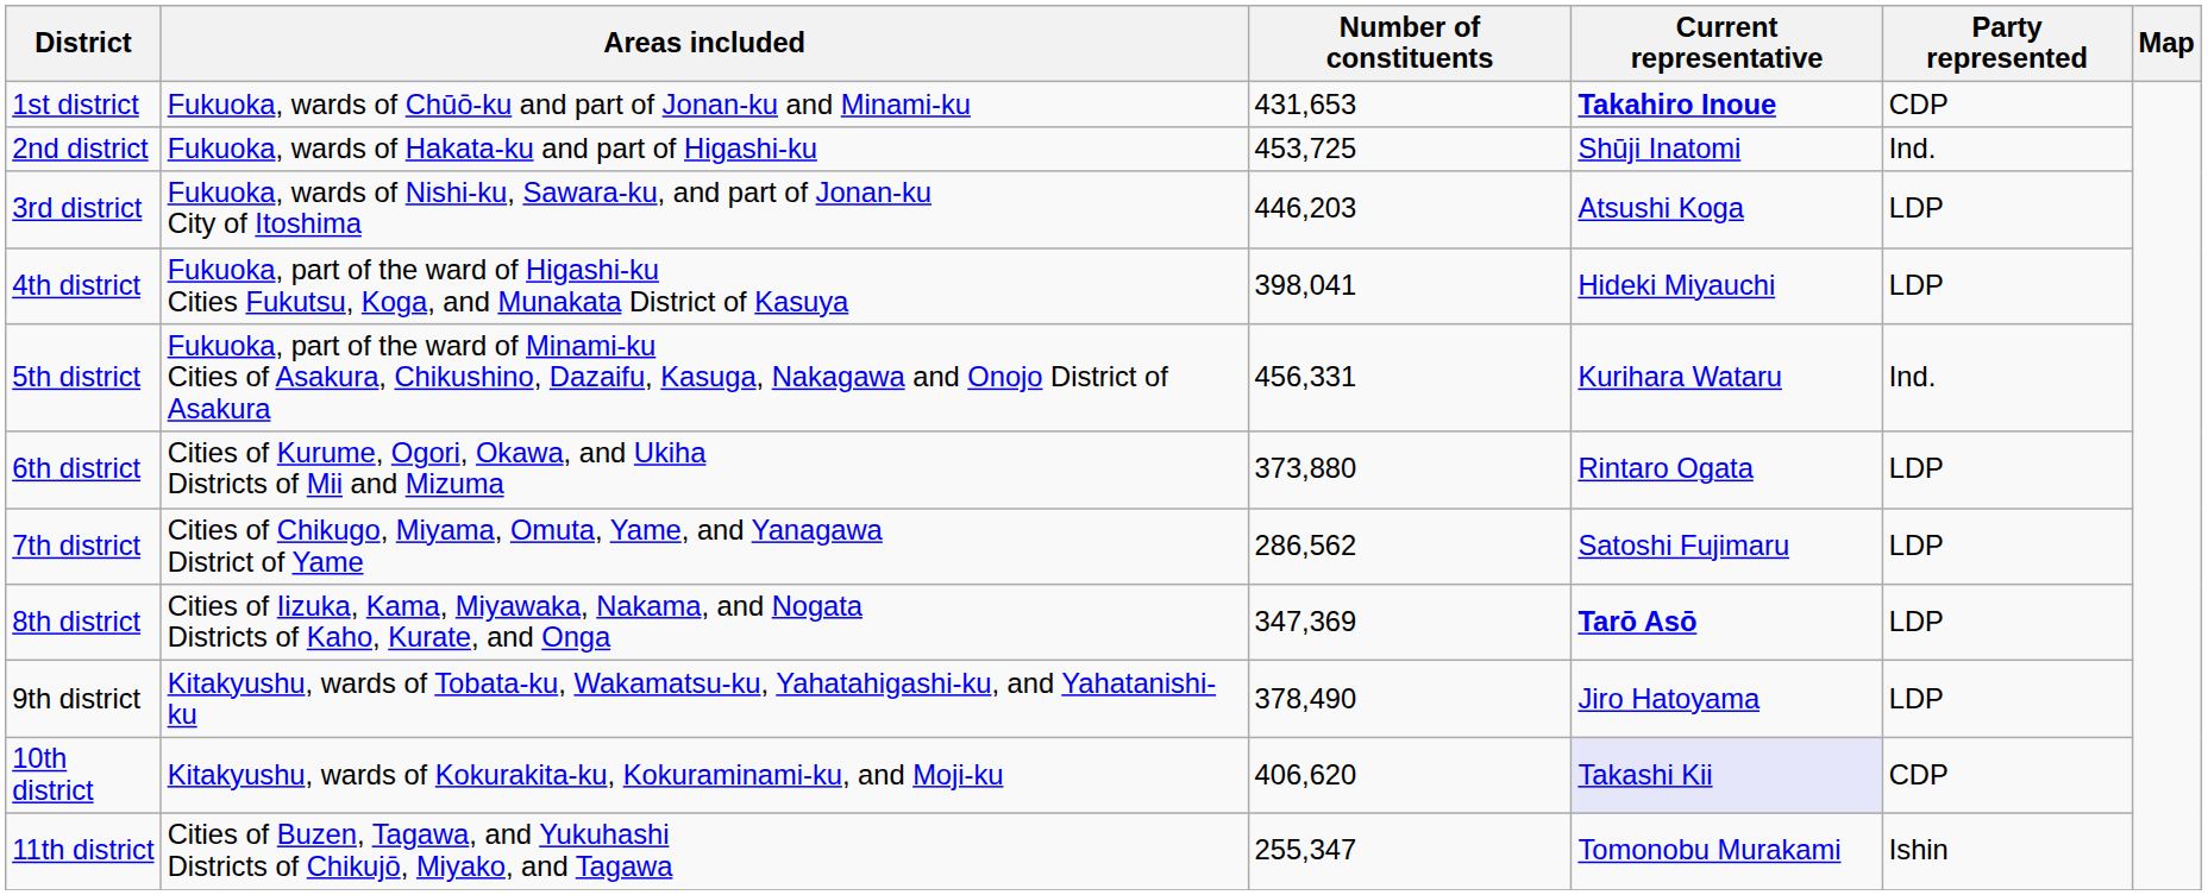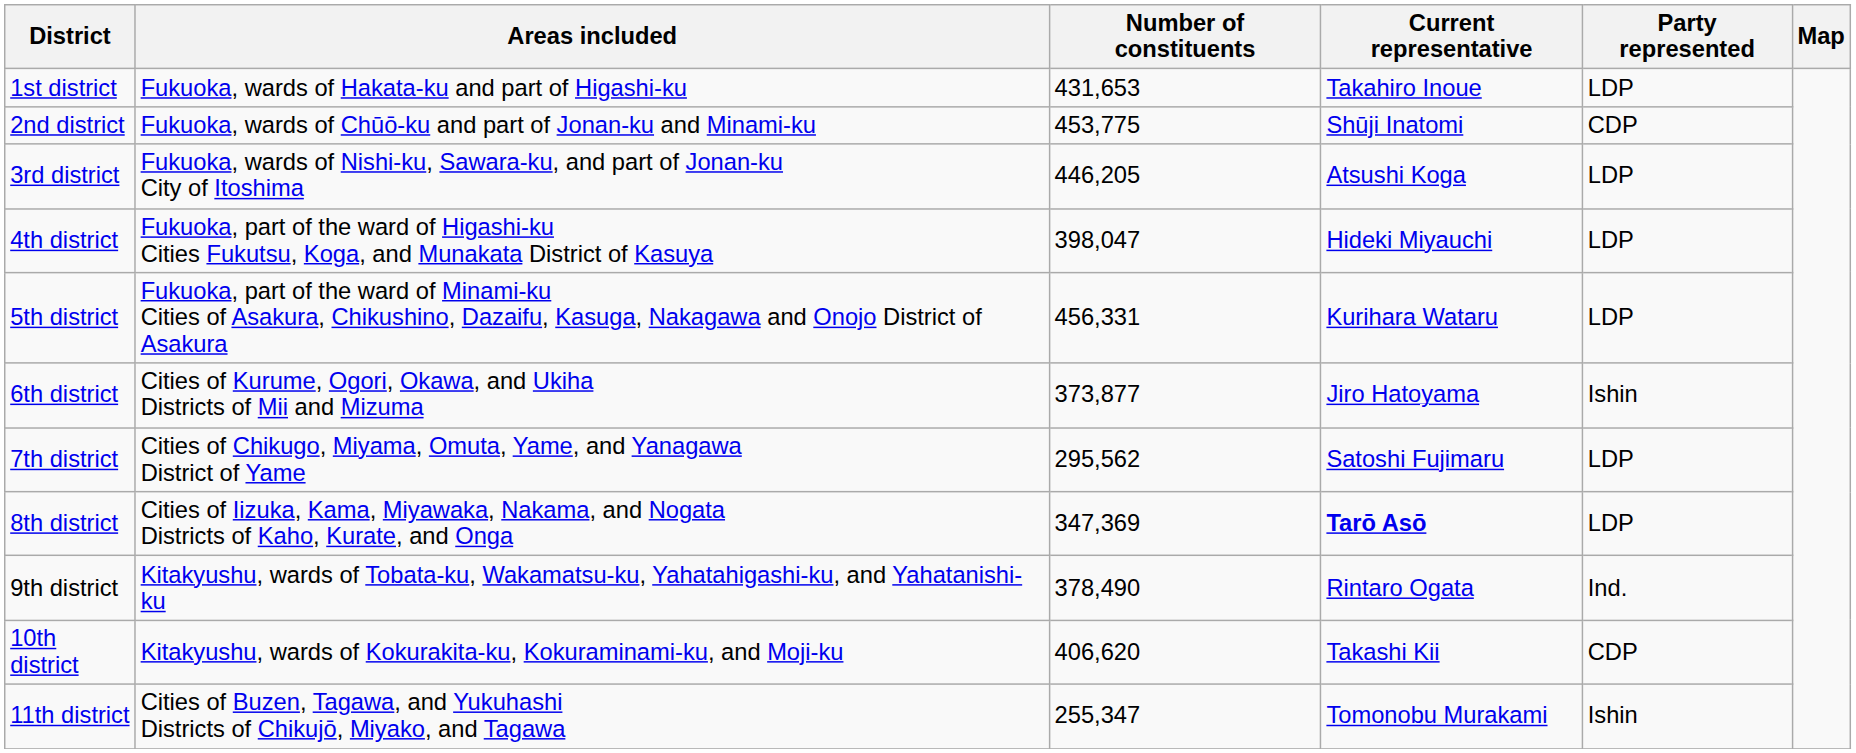 <table class="wikitable">
 <tr>
 <th>District</th>
 <th>Areas included</th>
 <th>Number of constituents</th>
 <th>Current representative</th>
 <th>Party represented</th>
 <th>Map</th>
 </tr>
 <tr>
 <td><a href='#'>1st district</a></td>
-<td><a href='#'>Fukuoka</a>, wards of <a href='#'>Chūō-ku</a> and part of <a href='#'>Jonan-ku</a> and <a href='#'>Minami-ku</a></td>
+<td><a href='#'>Fukuoka</a>, wards of <a href='#'>Hakata-ku</a> and part of <a href='#'>Higashi-ku</a></td>
 <td>431,653</td>
-<td><strong><a href='#'>Takahiro Inoue</a></strong></td>
-<td>CDP</td>
+<td><a href='#'>Takahiro Inoue</a></td>
+<td>LDP</td>
 <td rowspan="11"></td>
 </tr>
 <tr>
 <td><a href='#'>2nd district</a></td>
-<td><a href='#'>Fukuoka</a>, wards of <a href='#'>Hakata-ku</a> and part of <a href='#'>Higashi-ku</a></td>
-<td>453,725</td>
+<td><a href='#'>Fukuoka</a>, wards of <a href='#'>Chūō-ku</a> and part of <a href='#'>Jonan-ku</a> and <a href='#'>Minami-ku</a></td>
+<td>453,775</td>
 <td><a href='#'>Shūji Inatomi</a></td>
-<td>Ind.</td>
+<td>CDP</td>
 </tr>
 <tr>
 <td><a href='#'>3rd district</a></td>
 <td><a href='#'>Fukuoka</a>, wards of <a href='#'>Nishi-ku</a>, <a href='#'>Sawara-ku</a>, and part of <a href='#'>Jonan-ku</a><br>City of <a href='#'>Itoshima</a></td>
-<td>446,203</td>
+<td>446,205</td>
 <td><a href='#'>Atsushi Koga</a></td>
 <td>LDP</td>
 </tr>
 <tr>
 <td><a href='#'>4th district</a></td>
 <td><a href='#'>Fukuoka</a>, part of the ward of <a href='#'>Higashi-ku</a><br>Cities <a href='#'>Fukutsu</a>, <a href='#'>Koga</a>, and <a href='#'>Munakata</a> District of <a href='#'>Kasuya</a></td>
-<td>398,041</td>
+<td>398,047</td>
 <td><a href='#'>Hideki Miyauchi</a></td>
 <td>LDP</td>
 </tr>
 <tr>
 <td><a href='#'>5th district</a></td>
 <td><a href='#'>Fukuoka</a>, part of the ward of <a href='#'>Minami-ku</a><br>Cities of <a href='#'>Asakura</a>, <a href='#'>Chikushino</a>, <a href='#'>Dazaifu</a>, <a href='#'>Kasuga</a>, <a href='#'>Nakagawa</a> and <a href='#'>Onojo</a> District of <a href='#'>Asakura</a></td>
 <td>456,331</td>
 <td><a href='#'>Kurihara Wataru</a></td>
-<td>Ind.</td>
+<td>LDP</td>
 </tr>
 <tr>
 <td><a href='#'>6th district</a></td>
 <td>Cities of <a href='#'>Kurume</a>, <a href='#'>Ogori</a>, <a href='#'>Okawa</a>, and <a href='#'>Ukiha</a><br>Districts of <a href='#'>Mii</a> and <a href='#'>Mizuma</a></td>
-<td>373,880</td>
-<td><a href='#'>Rintaro Ogata</a></td>
-<td>LDP</td>
+<td>373,877</td>
+<td><a href='#'>Jiro Hatoyama</a></td>
+<td>Ishin</td>
 </tr>
 <tr>
 <td><a href='#'>7th district</a></td>
 <td>Cities of <a href='#'>Chikugo</a>, <a href='#'>Miyama</a>, <a href='#'>Omuta</a>, <a href='#'>Yame</a>, and <a href='#'>Yanagawa</a><br>District of <a href='#'>Yame</a></td>
-<td>286,562</td>
+<td>295,562</td>
 <td><a href='#'>Satoshi Fujimaru</a></td>
 <td>LDP</td>
 </tr>
 <tr>
 <td><a href='#'>8th district</a></td>
 <td>Cities of <a href='#'>Iizuka</a>, <a href='#'>Kama</a>, <a href='#'>Miyawaka</a>, <a href='#'>Nakama</a>, and <a href='#'>Nogata</a><br>Districts of <a href='#'>Kaho</a>, <a href='#'>Kurate</a>, and <a href='#'>Onga</a></td>
 <td>347,369</td>
 <td><strong><a href='#'>Tarō Asō</a></strong></td>
 <td>LDP</td>
 </tr>
 <tr>
 <td>9th district</td>
 <td><a href='#'>Kitakyushu</a>, wards of <a href='#'>Tobata-ku</a>, <a href='#'>Wakamatsu-ku</a>, <a href='#'>Yahatahigashi-ku</a>, and <a href='#'>Yahatanishi-ku</a></td>
 <td>378,490</td>
-<td><a href='#'>Jiro Hatoyama</a></td>
-<td>LDP</td>
+<td><a href='#'>Rintaro Ogata</a></td>
+<td>Ind.</td>
 </tr>
 <tr>
 <td><a href='#'>10th district</a></td>
 <td><a href='#'>Kitakyushu</a>, wards of <a href='#'>Kokurakita-ku</a>, <a href='#'>Kokuraminami-ku</a>, and <a href='#'>Moji-ku</a></td>
 <td>406,620</td>
-<td style="background: lavender;"><a href='#'>Takashi Kii</a></td>
+<td><a href='#'>Takashi Kii</a></td>
 <td>CDP</td>
 </tr>
 <tr>
 <td><a href='#'>11th district</a></td>
 <td>Cities of <a href='#'>Buzen</a>, <a href='#'>Tagawa</a>, and <a href='#'>Yukuhashi</a><br>Districts of <a href='#'>Chikujō</a>, <a href='#'>Miyako</a>, and <a href='#'>Tagawa</a></td>
 <td>255,347</td>
 <td><a href='#'>Tomonobu Murakami</a></td>
 <td>Ishin</td>
 </tr>
 <tr>
 </tr>
 </table>
